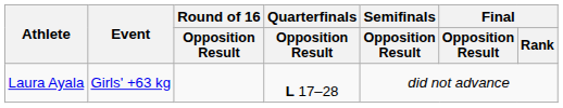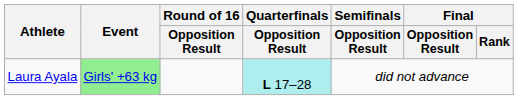 <table class="wikitable" style="text-align:center;font-size:90%">
 <tr>
 <th rowspan=2>Athlete</th>
 <th rowspan=2>Event</th>
 <th>Round of 16</th>
 <th>Quarterfinals</th>
 <th>Semifinals</th>
 <th colspan=2>Final</th>
 </tr>
 <tr style="font-size:95%">
 <th>Opposition<br>Result</th>
 <th>Opposition<br>Result</th>
 <th>Opposition<br>Result</th>
 <th>Opposition<br>Result</th>
 <th>Rank</th>
 </tr>
 <tr>
 <td align=left><a href='#'>Laura Ayala</a></td>
-<td align=left><a href='#'>Girls' +63 kg</a></td>
+<td align=left style="background: lightgreen;"><a href='#'>Girls' +63 kg</a></td>
 <td></td>
-<td><br><strong>L</strong> 17–28</td>
+<td style="background: paleturquoise;"><br><strong>L</strong> 17–28</td>
 <td Colspan=3><em>did not advance</em></td>
 </tr>
 </table>
